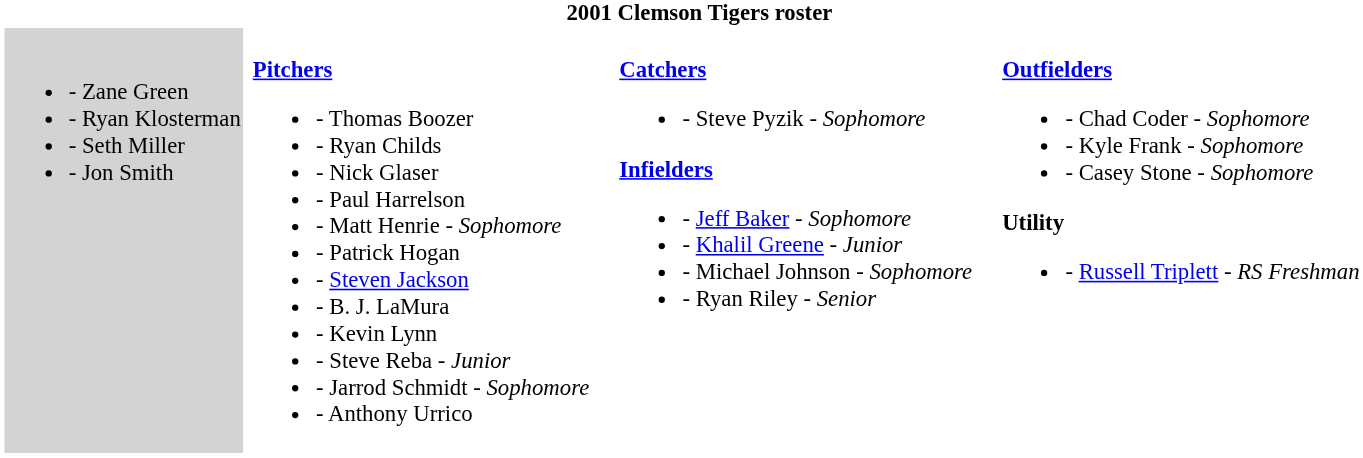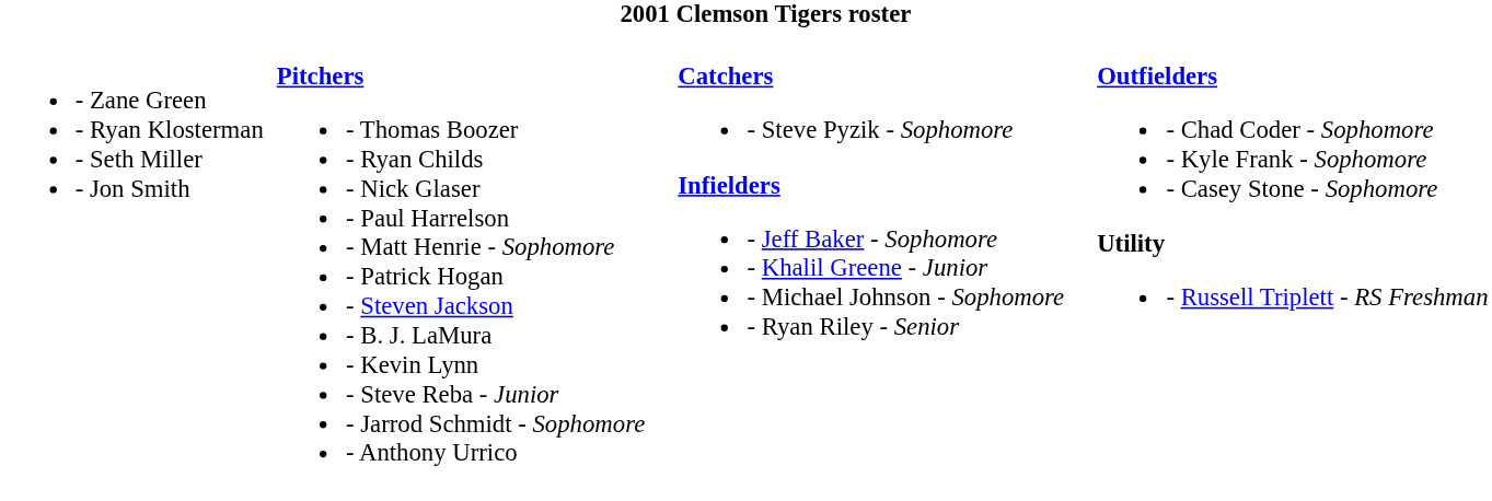 <table class="toccolours" style="border-collapse:collapse; font-size:90%;">
 <tr>
 <th colspan="9">2001 Clemson Tigers roster</th>
 </tr>
 <tr>
 </tr>
 <tr>
 <td width="03"> </td>
-<td valign="top" style="background: lightgrey;"><br><ul><li>- Zane Green</li><li>- Ryan Klosterman</li><li>- Seth Miller</li><li>- Jon Smith</li></ul></td>
+<td valign="top"><br><ul><li>- Zane Green</li><li>- Ryan Klosterman</li><li>- Seth Miller</li><li>- Jon Smith</li></ul></td>
 <td width="03"> </td>
 <td valign="top"><br><strong><a href='#'>Pitchers</a></strong><ul><li>- Thomas Boozer</li><li>- Ryan Childs</li><li>- Nick Glaser</li><li>- Paul Harrelson</li><li>- Matt Henrie - <em>Sophomore</em></li><li>- Patrick Hogan</li><li>- <a href='#'>Steven Jackson</a></li><li>- B. J. LaMura</li><li>- Kevin Lynn</li><li>- Steve Reba - <em>Junior</em></li><li>- Jarrod Schmidt - <em>Sophomore</em></li><li>- Anthony Urrico</li></ul></td>
 <td width="15"> </td>
 <td valign="top"><br><strong><a href='#'>Catchers</a></strong><ul><li>- Steve Pyzik - <em>Sophomore</em></li></ul><strong><a href='#'>Infielders</a></strong><ul><li>- <a href='#'>Jeff Baker</a> - <em>Sophomore</em></li><li>- <a href='#'>Khalil Greene</a> - <em>Junior</em></li><li>- Michael Johnson - <em>Sophomore</em></li><li>- Ryan Riley - <em>Senior</em></li></ul></td>
 <td width="15"> </td>
 <td valign="top"><br><strong><a href='#'>Outfielders</a></strong><ul><li>- Chad Coder - <em>Sophomore</em></li><li>- Kyle Frank - <em>Sophomore</em></li><li>- Casey Stone - <em>Sophomore</em></li></ul><strong>Utility</strong><ul><li>- <a href='#'>Russell Triplett</a> - <em>RS Freshman</em></li></ul></td>
 <td width="25"> </td>
 </tr>
 </table>
